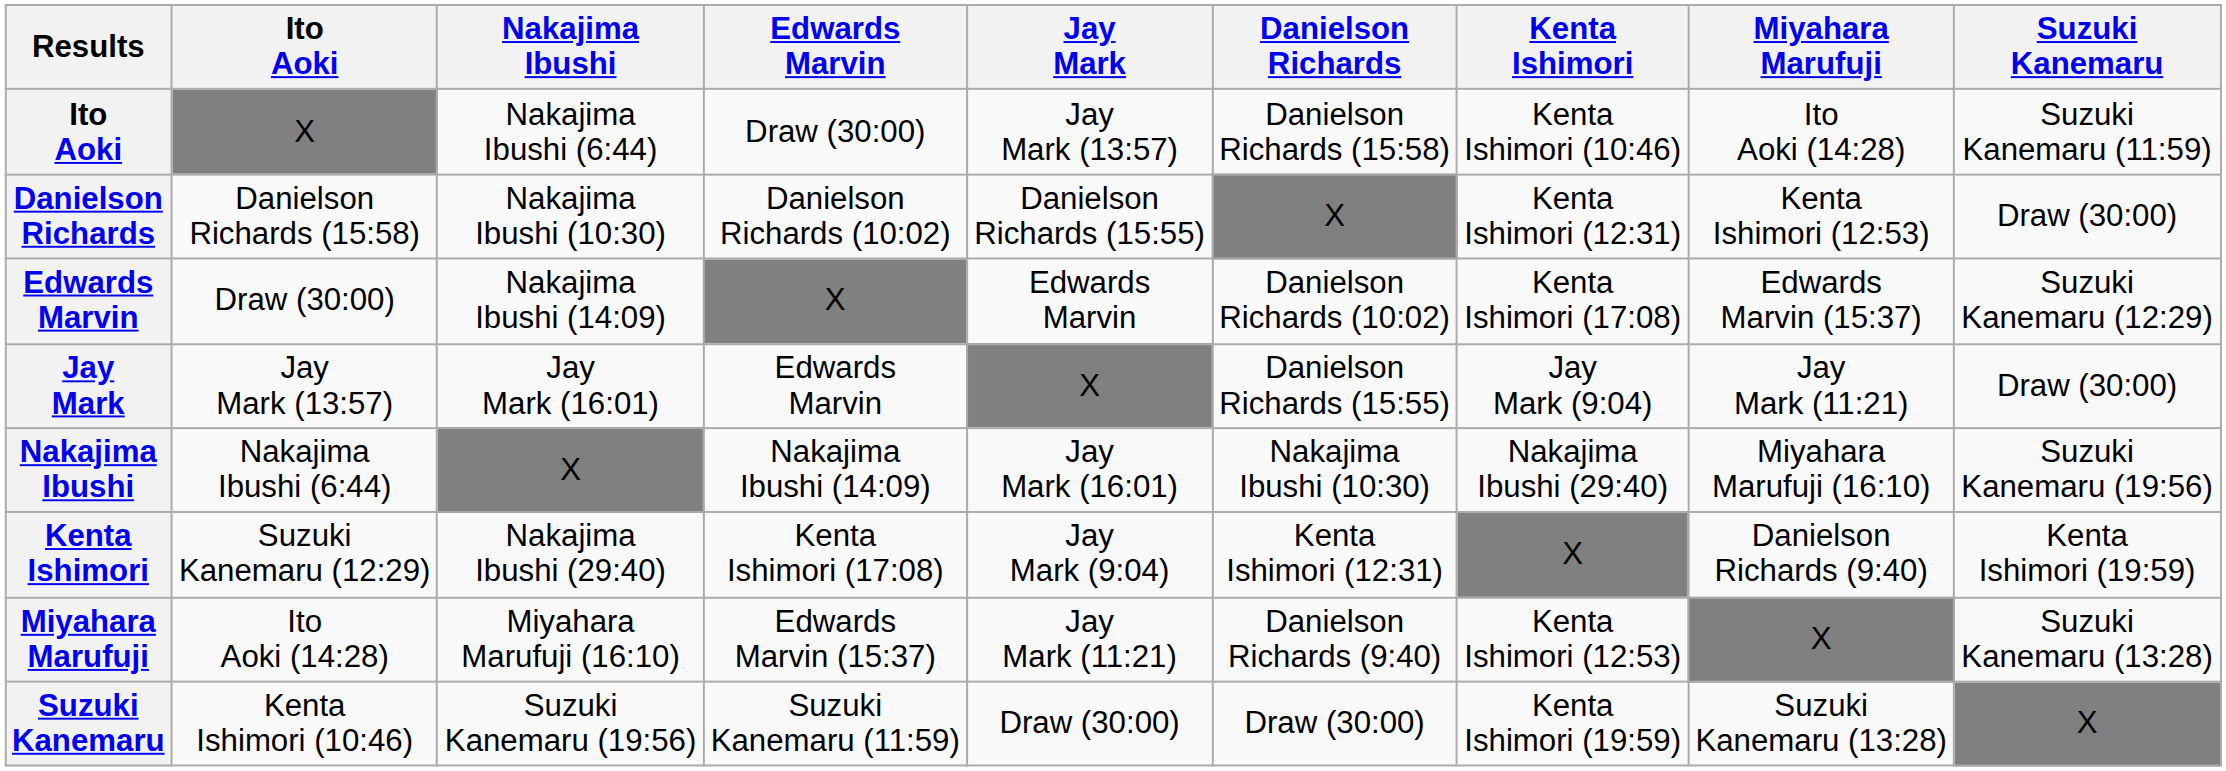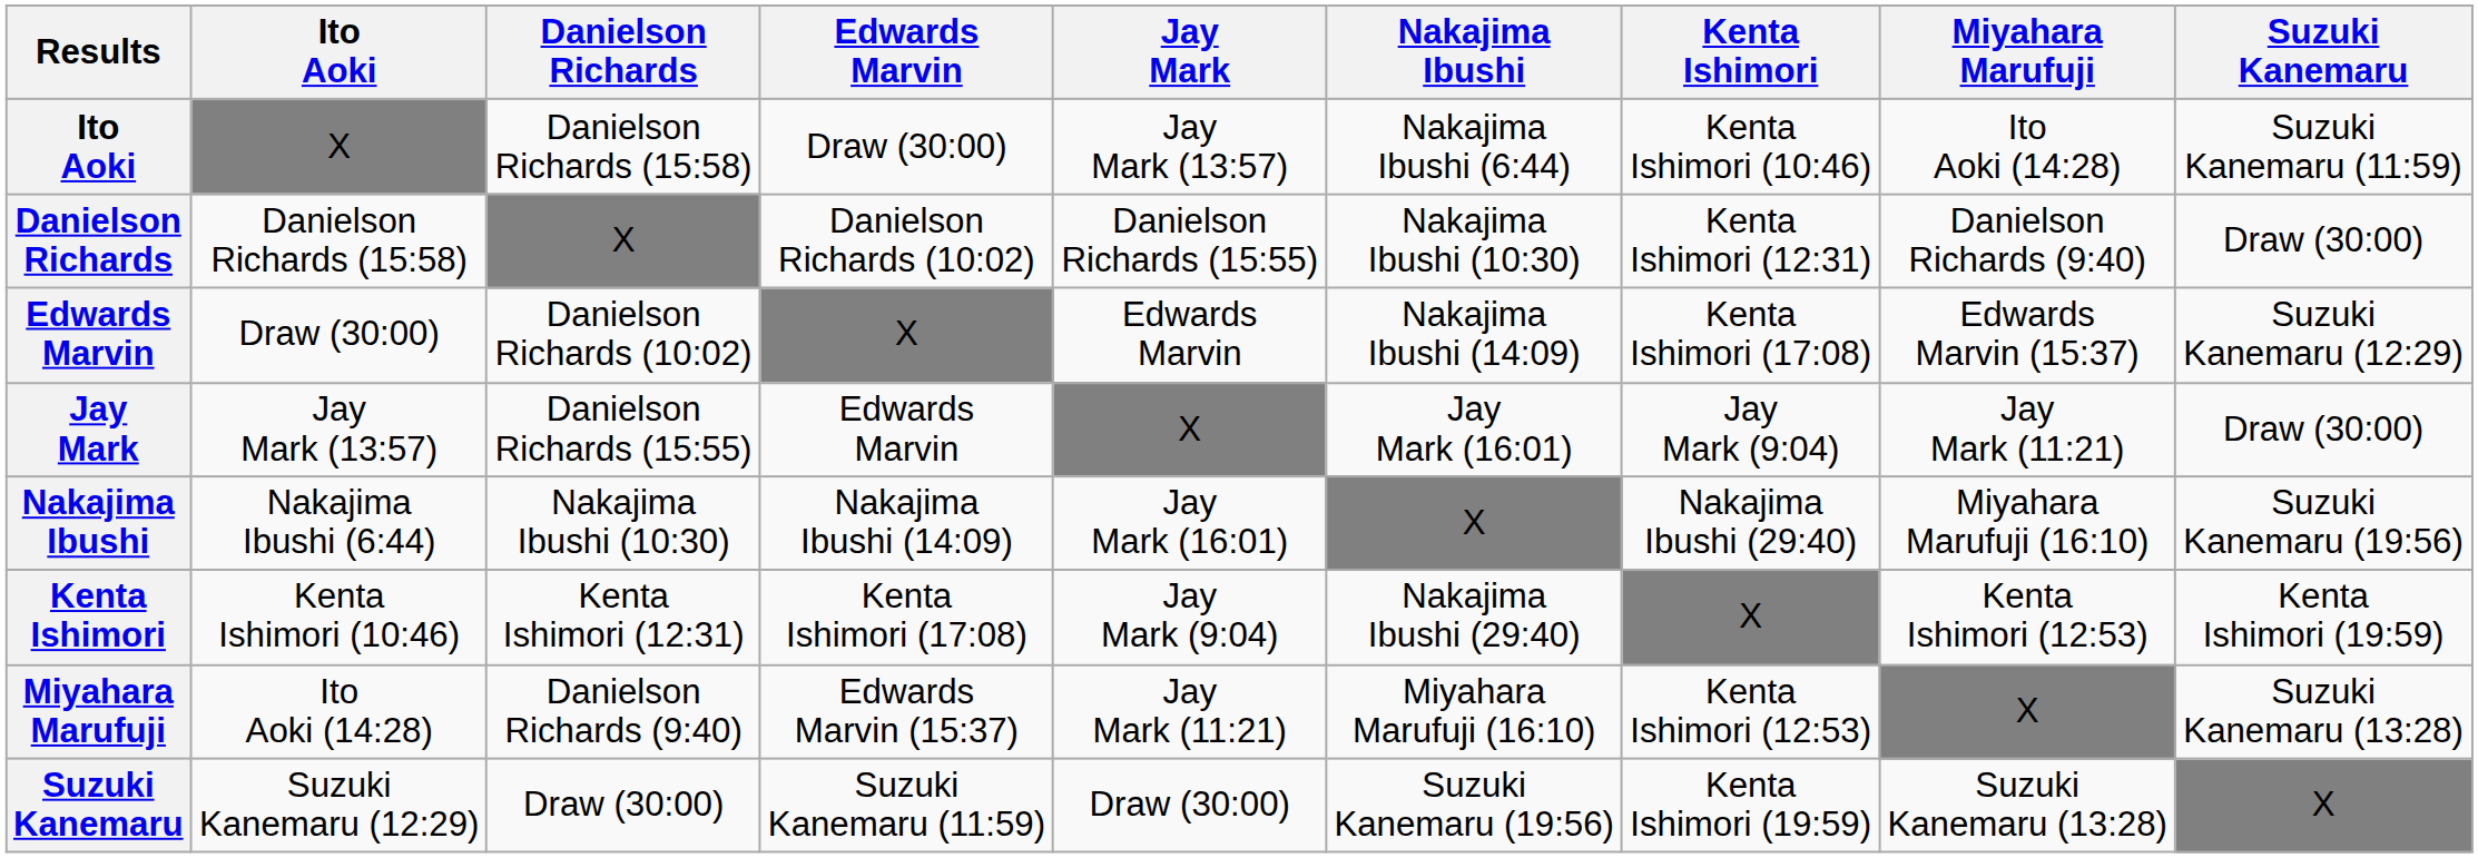 <table class="wikitable" style="text-align:center; margin: 1em auto 1em auto">
 <tr align="center">
 <th>Results</th>
 <th>Ito<br><a href='#'>Aoki</a></th>
-<th><a href='#'>Nakajima</a><br><a href='#'>Ibushi</a></th>
+<th><a href='#'>Danielson</a><br><a href='#'>Richards</a></th>
 <th><a href='#'>Edwards</a><br><a href='#'>Marvin</a></th>
 <th><a href='#'>Jay</a><br><a href='#'>Mark</a></th>
-<th><a href='#'>Danielson</a><br><a href='#'>Richards</a></th>
+<th><a href='#'>Nakajima</a><br><a href='#'>Ibushi</a></th>
 <th><a href='#'>Kenta</a><br><a href='#'>Ishimori</a></th>
 <th><a href='#'>Miyahara</a><br><a href='#'>Marufuji</a></th>
 <th><a href='#'>Suzuki</a><br><a href='#'>Kanemaru</a></th>
 </tr>
 <tr align="center">
 <th>Ito<br><a href='#'>Aoki</a></th>
 <td bgcolor=grey>X</td>
-<td>Nakajima<br>Ibushi (6:44)</td>
+<td>Danielson<br>Richards (15:58)</td>
 <td>Draw (30:00)</td>
 <td>Jay<br>Mark (13:57)</td>
-<td>Danielson<br>Richards (15:58)</td>
+<td>Nakajima<br>Ibushi (6:44)</td>
 <td>Kenta<br>Ishimori (10:46)</td>
 <td>Ito<br>Aoki (14:28)</td>
 <td>Suzuki<br>Kanemaru (11:59)</td>
 </tr>
 <tr align="center">
 <th><a href='#'>Danielson</a><br><a href='#'>Richards</a></th>
 <td>Danielson<br>Richards (15:58)</td>
-<td>Nakajima<br>Ibushi (10:30)</td>
+<td bgcolor=grey>X</td>
 <td>Danielson<br>Richards (10:02)</td>
 <td>Danielson<br>Richards (15:55)</td>
-<td bgcolor=grey>X</td>
+<td>Nakajima<br>Ibushi (10:30)</td>
 <td>Kenta<br>Ishimori (12:31)</td>
-<td>Kenta<br>Ishimori (12:53)</td>
+<td>Danielson<br>Richards (9:40)</td>
 <td>Draw (30:00)</td>
 </tr>
 <tr align="center">
 <th><a href='#'>Edwards</a><br><a href='#'>Marvin</a></th>
 <td>Draw (30:00)</td>
-<td>Nakajima<br>Ibushi (14:09)</td>
+<td>Danielson<br>Richards (10:02)</td>
 <td bgcolor=grey>X</td>
 <td>Edwards<br>Marvin</td>
-<td>Danielson<br>Richards (10:02)</td>
+<td>Nakajima<br>Ibushi (14:09)</td>
 <td>Kenta<br>Ishimori (17:08)</td>
 <td>Edwards<br>Marvin (15:37)</td>
 <td>Suzuki<br>Kanemaru (12:29)</td>
 </tr>
 <tr align="center">
 <th><a href='#'>Jay</a><br><a href='#'>Mark</a></th>
 <td>Jay<br>Mark (13:57)</td>
-<td>Jay<br>Mark (16:01)</td>
+<td>Danielson<br>Richards (15:55)</td>
 <td>Edwards<br>Marvin</td>
 <td bgcolor=grey>X</td>
-<td>Danielson<br>Richards (15:55)</td>
+<td>Jay<br>Mark (16:01)</td>
 <td>Jay<br>Mark (9:04)</td>
 <td>Jay<br>Mark (11:21)</td>
 <td>Draw (30:00)</td>
 </tr>
 <tr align="center">
 <th><a href='#'>Nakajima</a><br><a href='#'>Ibushi</a></th>
 <td>Nakajima<br>Ibushi (6:44)</td>
-<td bgcolor=grey>X</td>
+<td>Nakajima<br>Ibushi (10:30)</td>
 <td>Nakajima<br>Ibushi (14:09)</td>
 <td>Jay<br>Mark (16:01)</td>
-<td>Nakajima<br>Ibushi (10:30)</td>
+<td bgcolor=grey>X</td>
 <td>Nakajima<br>Ibushi (29:40)</td>
 <td>Miyahara<br>Marufuji (16:10)</td>
 <td>Suzuki<br>Kanemaru (19:56)</td>
 </tr>
 <tr align="center">
 <th><a href='#'>Kenta</a><br><a href='#'>Ishimori</a></th>
-<td>Suzuki<br>Kanemaru (12:29)</td>
-<td>Nakajima<br>Ibushi (29:40)</td>
+<td>Kenta<br>Ishimori (10:46)</td>
+<td>Kenta<br>Ishimori (12:31)</td>
 <td>Kenta<br>Ishimori (17:08)</td>
 <td>Jay<br>Mark (9:04)</td>
-<td>Kenta<br>Ishimori (12:31)</td>
+<td>Nakajima<br>Ibushi (29:40)</td>
 <td bgcolor=grey>X</td>
-<td>Danielson<br>Richards (9:40)</td>
+<td>Kenta<br>Ishimori (12:53)</td>
 <td>Kenta<br>Ishimori (19:59)</td>
 </tr>
 <tr align="center">
 <th><a href='#'>Miyahara</a><br><a href='#'>Marufuji</a></th>
 <td>Ito<br>Aoki (14:28)</td>
-<td>Miyahara<br>Marufuji (16:10)</td>
+<td>Danielson<br>Richards (9:40)</td>
 <td>Edwards<br>Marvin (15:37)</td>
 <td>Jay<br>Mark (11:21)</td>
-<td>Danielson<br>Richards (9:40)</td>
+<td>Miyahara<br>Marufuji (16:10)</td>
 <td>Kenta<br>Ishimori (12:53)</td>
 <td bgcolor=grey>X</td>
 <td>Suzuki<br>Kanemaru (13:28)</td>
 </tr>
 <tr align="center">
 <th><a href='#'>Suzuki</a><br><a href='#'>Kanemaru</a></th>
-<td>Kenta<br>Ishimori (10:46)</td>
-<td>Suzuki<br>Kanemaru (19:56)</td>
+<td>Suzuki<br>Kanemaru (12:29)</td>
+<td>Draw (30:00)</td>
 <td>Suzuki<br>Kanemaru (11:59)</td>
 <td>Draw (30:00)</td>
-<td>Draw (30:00)</td>
+<td>Suzuki<br>Kanemaru (19:56)</td>
 <td>Kenta<br>Ishimori (19:59)</td>
 <td>Suzuki<br>Kanemaru (13:28)</td>
 <td bgcolor=grey>X</td>
 </tr>
 </table>
